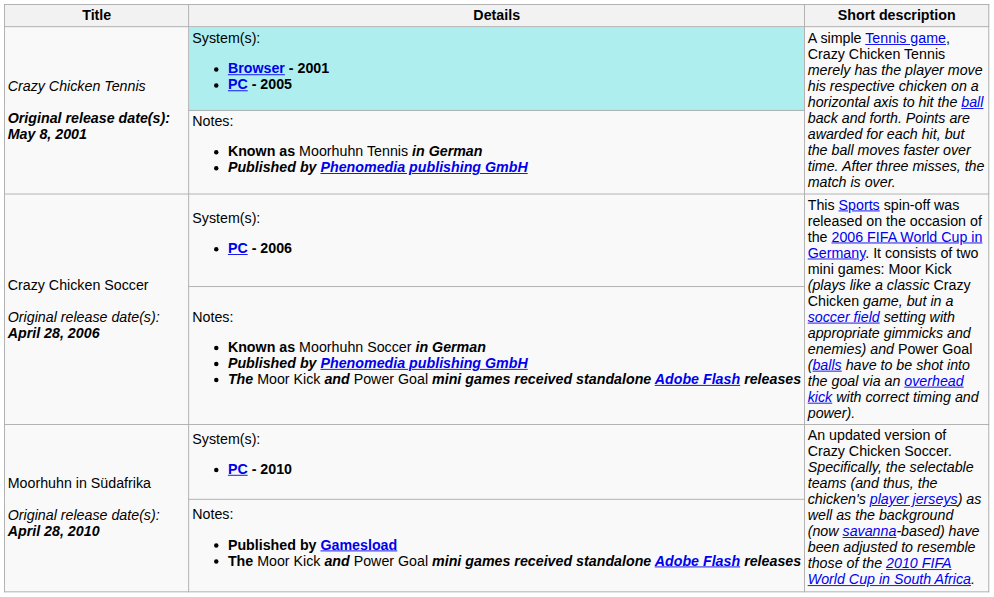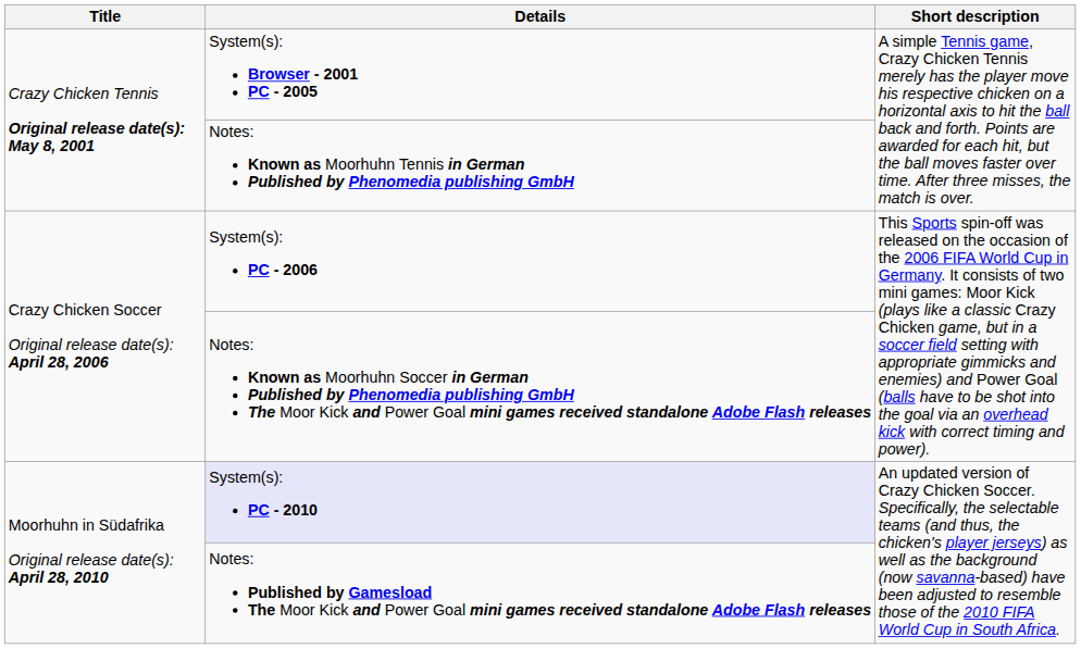 <table class="wikitable">
 <tr>
 <th style="width: 200px;">Title</th>
 <th>Details</th>
 <th style="width: 200px;">Short description</th>
 </tr>
 <tr>
 <td rowspan="2"><div><em>Crazy Chicken Tennis<strong><em><br><br>Original release date(s):<br><strong>May 8, 2001<br></div></td>
-<td style="background: paleturquoise;"></strong>System(s):<strong><br><ul><li><a href='#'>Browser</a> - 2001</li><li><a href='#'>PC</a> - 2005</li></ul></td>
+<td></strong>System(s):<strong><br><ul><li><a href='#'>Browser</a> - 2001</li><li><a href='#'>PC</a> - 2005</li></ul></td>
 <td rowspan="2">A simple <a href='#'>Tennis game</a>, </em>Crazy Chicken Tennis<em> merely has the player move his respective chicken on a horizontal axis to hit the <a href='#'>ball</a> back and forth. Points are awarded for each hit, but the ball moves faster over time. After three misses, the match is over.</td>
 </tr>
 <tr>
 <td></strong>Notes:<strong><br><ul><li>Known as </em></strong>Moorhuhn Tennis<strong><em> in German</li><li>Published by <a href='#'>Phenomedia publishing GmbH</a></li></ul></td>
 </tr>
 <tr>
 <td rowspan="2"><div></em>Crazy Chicken Soccer<em> </strong><br><br>Original release date(s):<br><strong>April 28, 2006<br></div></td>
 <td></strong>System(s):<strong><br><ul><li><a href='#'>PC</a> - 2006</li></ul></td>
 <td rowspan="2">This <a href='#'>Sports</a> spin-off was released on the occasion of the <a href='#'>2006 FIFA World Cup in Germany</a>. It consists of two mini games: </em>Moor Kick<em> (plays like a classic </em>Crazy Chicken<em> game, but in a <a href='#'>soccer field</a> setting with appropriate gimmicks and enemies) and </em>Power Goal<em> (<a href='#'>balls</a> have to be shot into the goal via an <a href='#'>overhead kick</a> with correct timing and power).</td>
 </tr>
 <tr>
 <td></strong>Notes:<strong><br><ul><li>Known as </em></strong>Moorhuhn Soccer<strong><em> in German</li><li>Published by <a href='#'>Phenomedia publishing GmbH</a></li><li>The </em></strong>Moor Kick<strong><em> and </em></strong>Power Goal<strong><em> mini games received standalone <a href='#'>Adobe Flash</a> releases</li></ul></td>
 </tr>
 <tr>
 <td rowspan="2"><div></em>Moorhuhn in Südafrika<em> </strong><br><br>Original release date(s):<br><strong>April 28, 2010<br></div></td>
-<td></strong>System(s):<strong><br><ul><li><a href='#'>PC</a> - 2010</li></ul></td>
+<td style="background: lavender;"></strong>System(s):<strong><br><ul><li><a href='#'>PC</a> - 2010</li></ul></td>
 <td rowspan="2">An updated version of </em>Crazy Chicken Soccer<em>. Specifically, the selectable teams (and thus, the chicken's <a href='#'>player jerseys</a>) as well as the background (now <a href='#'>savanna</a>-based) have been adjusted to resemble those of the <a href='#'>2010 FIFA World Cup in South Africa</a>.</td>
 </tr>
 <tr>
 <td></strong>Notes:<strong><br><ul><li>Published by <a href='#'>Gamesload</a></li><li>The </em></strong>Moor Kick<strong><em> and </em></strong>Power Goal<strong><em> mini games received standalone <a href='#'>Adobe Flash</a> releases</li></ul></td>
 </tr>
 </table>
